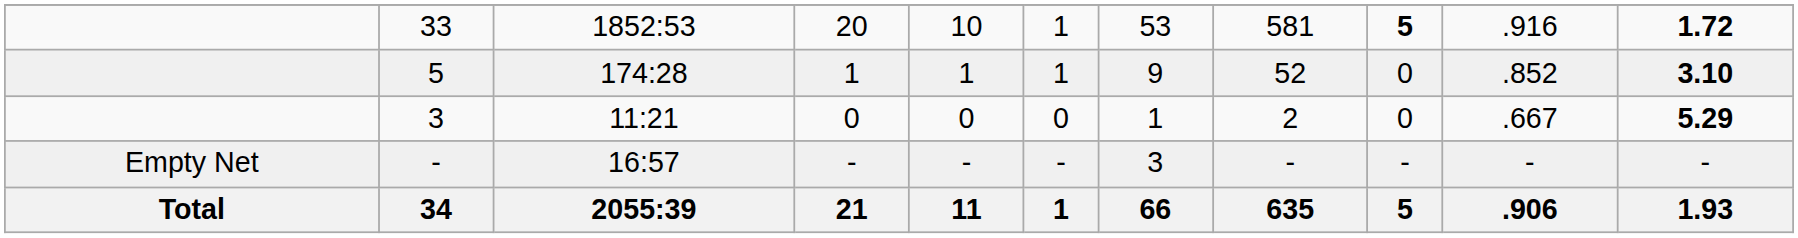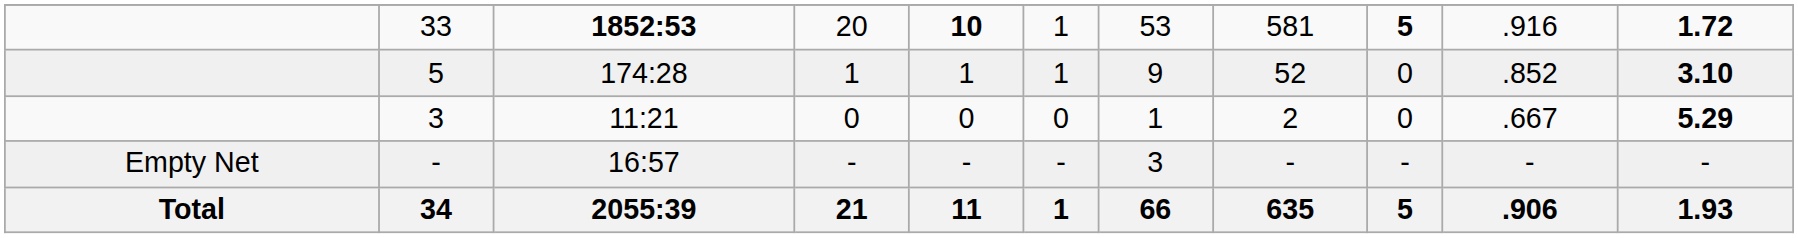 <table class="wikitable sortable" width ="1000">
 <tr align="center">
 </tr>
 <tr align="center" bgcolor="">
 <td></td>
 <td>33</td>
-<td>1852:53</td>
+<td><strong>1852:53</strong></td>
 <td>20</td>
-<td>10</td>
+<td><strong>10</strong></td>
 <td>1</td>
 <td>53</td>
 <td>581</td>
 <td><strong>5</strong></td>
 <td>.916</td>
 <td><strong>1.72</strong></td>
 </tr>
 <tr align="center" bgcolor="f0f0f0">
 <td></td>
 <td>5</td>
 <td>174:28</td>
 <td>1</td>
 <td>1</td>
 <td>1</td>
 <td>9</td>
 <td>52</td>
 <td>0</td>
 <td>.852</td>
 <td><strong>3.10</strong></td>
 </tr>
 <tr align="center" bgcolor="">
 <td></td>
 <td>3</td>
 <td>11:21</td>
 <td>0</td>
 <td>0</td>
 <td>0</td>
 <td>1</td>
 <td>2</td>
 <td>0</td>
 <td>.667</td>
 <td><strong>5.29</strong></td>
 </tr>
 <tr align="center" bgcolor="f0f0f0">
 <td>Empty Net</td>
 <td>-</td>
 <td>16:57</td>
 <td>-</td>
 <td>-</td>
 <td>-</td>
 <td>3</td>
 <td>-</td>
 <td>-</td>
 <td>-</td>
 <td>-</td>
 </tr>
 <tr>
 <th>Total</th>
 <th>34</th>
 <th>2055:39</th>
 <th>21</th>
 <th>11</th>
 <th>1</th>
 <th>66</th>
 <th>635</th>
 <th>5</th>
 <th>.906</th>
 <th>1.93</th>
 </tr>
 </table>
